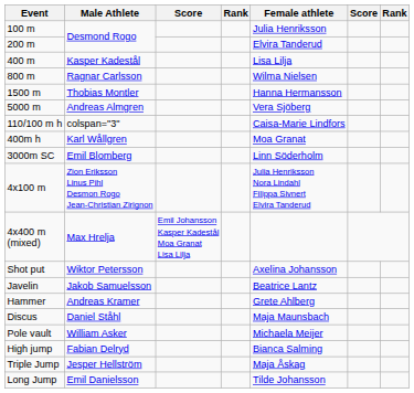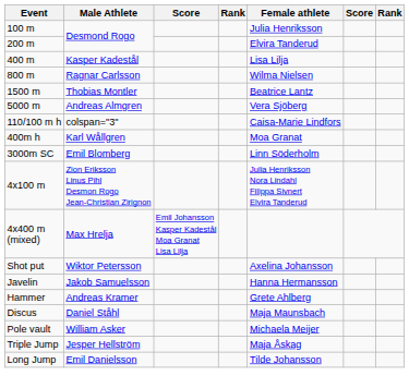 <table class="wikitable" style="text-align:left; font-size:90%">
 <tr>
 <th>Event</th>
 <th>Male Athlete</th>
 <th>Score</th>
 <th>Rank</th>
 <th>Female athlete</th>
 <th>Score</th>
 <th>Rank</th>
 </tr>
 <tr>
 <td align="left">100 m</td>
 <td rowspan=2><a href='#'>Desmond Rogo</a></td>
 <td></td>
 <td></td>
 <td><a href='#'>Julia Henriksson</a></td>
 <td></td>
 <td></td>
 </tr>
 <tr>
 <td>200 m</td>
 <td></td>
 <td></td>
 <td><a href='#'>Elvira Tanderud</a></td>
 <td></td>
 <td></td>
 </tr>
 <tr>
 <td>400 m</td>
 <td><a href='#'>Kasper Kadestål</a></td>
 <td></td>
 <td></td>
 <td><a href='#'>Lisa Lilja</a></td>
 <td></td>
 <td></td>
 </tr>
 <tr>
 <td>800 m</td>
 <td><a href='#'>Ragnar Carlsson</a></td>
 <td></td>
 <td></td>
 <td><a href='#'>Wilma Nielsen</a></td>
 <td></td>
 </tr>
 <tr>
 <td>1500 m</td>
 <td><a href='#'>Thobias Montler</a></td>
 <td></td>
 <td></td>
-<td><a href='#'>Hanna Hermansson</a></td>
+<td><a href='#'>Beatrice Lantz</a></td>
 <td></td>
 <td></td>
 </tr>
 <tr>
 <td>5000 m</td>
 <td><a href='#'>Andreas Almgren</a></td>
 <td></td>
 <td></td>
 <td><a href='#'>Vera Sjöberg</a></td>
 <td></td>
 <td></td>
 </tr>
 <tr>
 <td>110/100 m h</td>
 <td>colspan="3" </td>
 <td></td>
 <td></td>
 <td><a href='#'>Caisa-Marie Lindfors</a></td>
 <td></td>
 <td></td>
 </tr>
 <tr>
 <td>400m h</td>
 <td><a href='#'>Karl Wållgren</a></td>
 <td></td>
 <td></td>
 <td><a href='#'>Moa Granat</a></td>
 <td></td>
 <td></td>
 </tr>
 <tr>
 <td>3000m SC</td>
 <td><a href='#'>Emil Blomberg</a></td>
 <td></td>
 <td></td>
 <td><a href='#'>Linn Söderholm</a></td>
 <td></td>
 <td></td>
 </tr>
 <tr>
 <td>4x100 m</td>
 <td><small><a href='#'>Zion Eriksson</a><br><a href='#'>Linus Pihl</a><br><a href='#'>Desmon Rogo</a><br><a href='#'>Jean-Christian Zirignon</a></small></td>
 <td></td>
 <td></td>
 <td><small><a href='#'>Julia Henriksson</a><br><a href='#'>Nora Lindahl</a><br><a href='#'>Filippa Sivnert</a><br><a href='#'>Elvira Tanderud</a></small></td>
 <td></td>
 <td></td>
 </tr>
 <tr>
 <td>4x400 m<br>(mixed)</td>
 <td><a href='#'>Max Hrelja</a></td>
 <td><small><a href='#'>Emil Johansson</a><br><a href='#'>Kasper Kadestål</a><br><a href='#'>Moa Granat</a><br><a href='#'>Lisa Lilja</a></small></td>
 <td></td>
 <td></td>
 </tr>
 <tr>
 <td>Shot put</td>
 <td><a href='#'>Wiktor Petersson</a></td>
 <td></td>
 <td></td>
 <td><a href='#'>Axelina Johansson</a></td>
 <td></td>
 <td></td>
 </tr>
 <tr>
 <td>Javelin</td>
 <td><a href='#'>Jakob Samuelsson</a></td>
 <td></td>
 <td></td>
-<td><a href='#'>Beatrice Lantz</a></td>
+<td><a href='#'>Hanna Hermansson</a></td>
 <td></td>
 <td></td>
 </tr>
 <tr>
 <td>Hammer</td>
 <td><a href='#'>Andreas Kramer</a></td>
 <td></td>
 <td></td>
 <td><a href='#'>Grete Ahlberg</a></td>
 <td></td>
 <td></td>
 </tr>
 <tr>
 <td>Discus</td>
 <td><a href='#'>Daniel Ståhl</a></td>
 <td></td>
 <td></td>
 <td><a href='#'>Maja Maunsbach</a></td>
 <td></td>
 <td></td>
 </tr>
 <tr>
 <td>Pole vault</td>
 <td><a href='#'>William Asker</a></td>
 <td></td>
 <td></td>
 <td><a href='#'>Michaela Meijer</a></td>
 <td></td>
 <td></td>
 </tr>
 <tr>
-<td>High jump</td>
-<td><a href='#'>Fabian Delryd</a></td>
-<td></td>
-<td></td>
-<td><a href='#'>Bianca Salming</a></td>
-<td></td>
-<td></td>
-</tr>
-<tr>
 <td>Triple Jump</td>
 <td><a href='#'>Jesper Hellström</a></td>
 <td></td>
 <td></td>
 <td><a href='#'>Maja Åskag</a></td>
 <td></td>
 <td></td>
 </tr>
 <tr>
 <td>Long Jump</td>
 <td><a href='#'>Emil Danielsson</a></td>
 <td></td>
 <td></td>
 <td><a href='#'>Tilde Johansson</a></td>
 <td></td>
 <td></td>
 </tr>
 </table>
